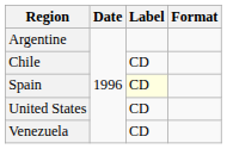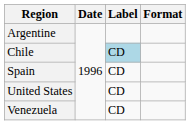 <table class="wikitable">
 <tr>
 <th>Region</th>
 <th>Date</th>
 <th>Label</th>
 <th>Format</th>
 </tr>
 <tr>
 <td scope="row" style="background-color: #f2f2f2;">Argentine</td>
 <td rowspan="5">1996</td>
 <td></td>
 <td></td>
 </tr>
 <tr>
 <td scope="row" style="background-color: #f2f2f2;">Chile</td>
-<td>CD</td>
+<td style="background: lightblue;">CD</td>
 <td></td>
 </tr>
 <tr>
 <td scope="row" style="background-color: #f2f2f2;">Spain</td>
-<td style="background: lightyellow;">CD</td>
+<td>CD</td>
 <td></td>
 </tr>
 <tr>
 <td scope="row" style="background-color: #f2f2f2;">United States</td>
 <td>CD</td>
 <td></td>
 </tr>
 <tr>
 <td scope="row" style="background-color: #f2f2f2;">Venezuela</td>
 <td>CD</td>
 <td></td>
 </tr>
 </table>
